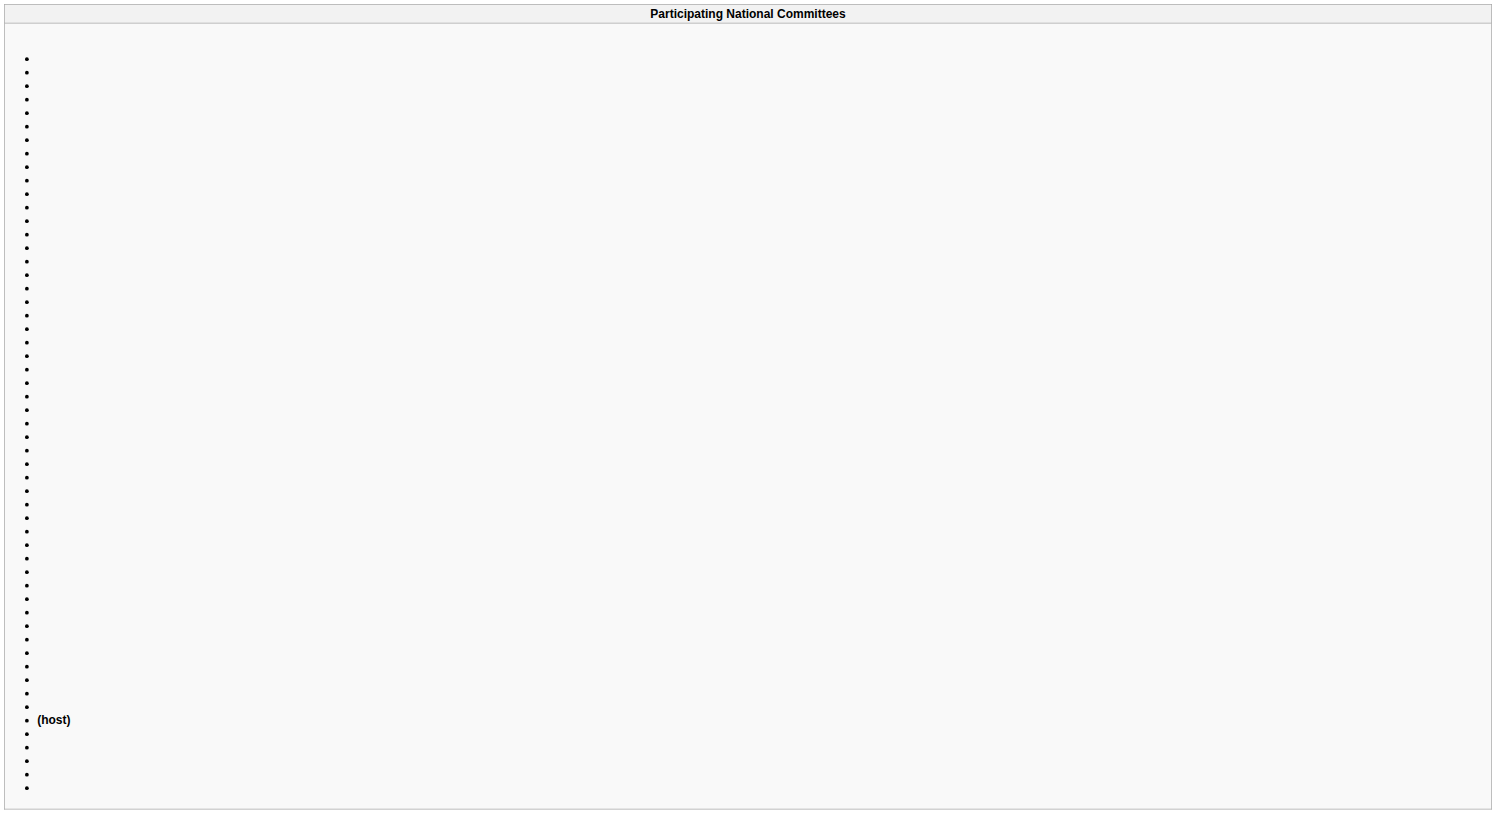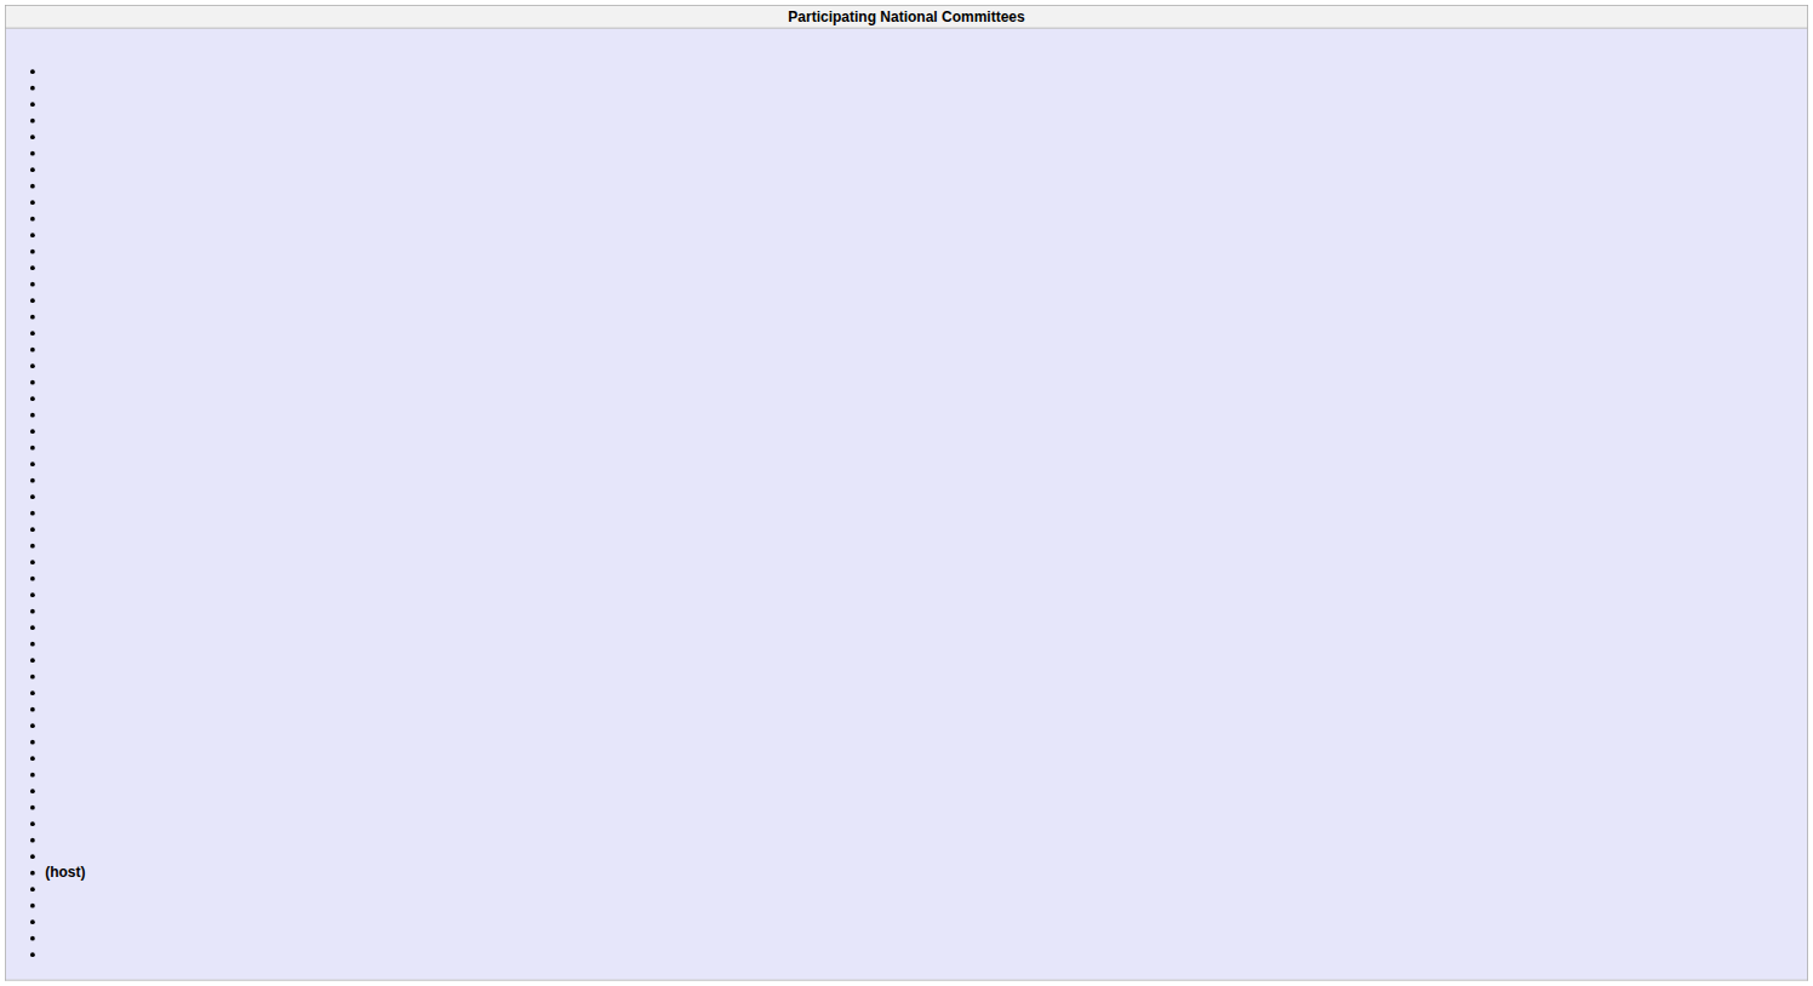 <table class="wikitable collapsible" style="width:100%;">
 <tr>
 <th>Participating National Committees</th>
 </tr>
 <tr>
-<td><br><ul><li></li><li></li><li></li><li></li><li></li><li></li><li></li><li></li><li></li><li></li><li></li><li></li><li></li><li></li><li></li><li></li><li></li><li></li><li></li><li></li><li></li><li></li><li></li><li></li><li></li><li></li><li></li><li></li><li></li><li></li><li></li><li></li><li></li><li></li><li></li><li></li><li></li><li></li><li></li><li></li><li></li><li></li><li></li><li></li><li></li><li></li><li></li><li></li><li></li><li> <strong>(host)</strong></li><li></li><li></li><li></li><li></li><li></li></ul></td>
+<td style="background: lavender;"><br><ul><li></li><li></li><li></li><li></li><li></li><li></li><li></li><li></li><li></li><li></li><li></li><li></li><li></li><li></li><li></li><li></li><li></li><li></li><li></li><li></li><li></li><li></li><li></li><li></li><li></li><li></li><li></li><li></li><li></li><li></li><li></li><li></li><li></li><li></li><li></li><li></li><li></li><li></li><li></li><li></li><li></li><li></li><li></li><li></li><li></li><li></li><li></li><li></li><li></li><li> <strong>(host)</strong></li><li></li><li></li><li></li><li></li><li></li></ul></td>
 </tr>
 </table>
